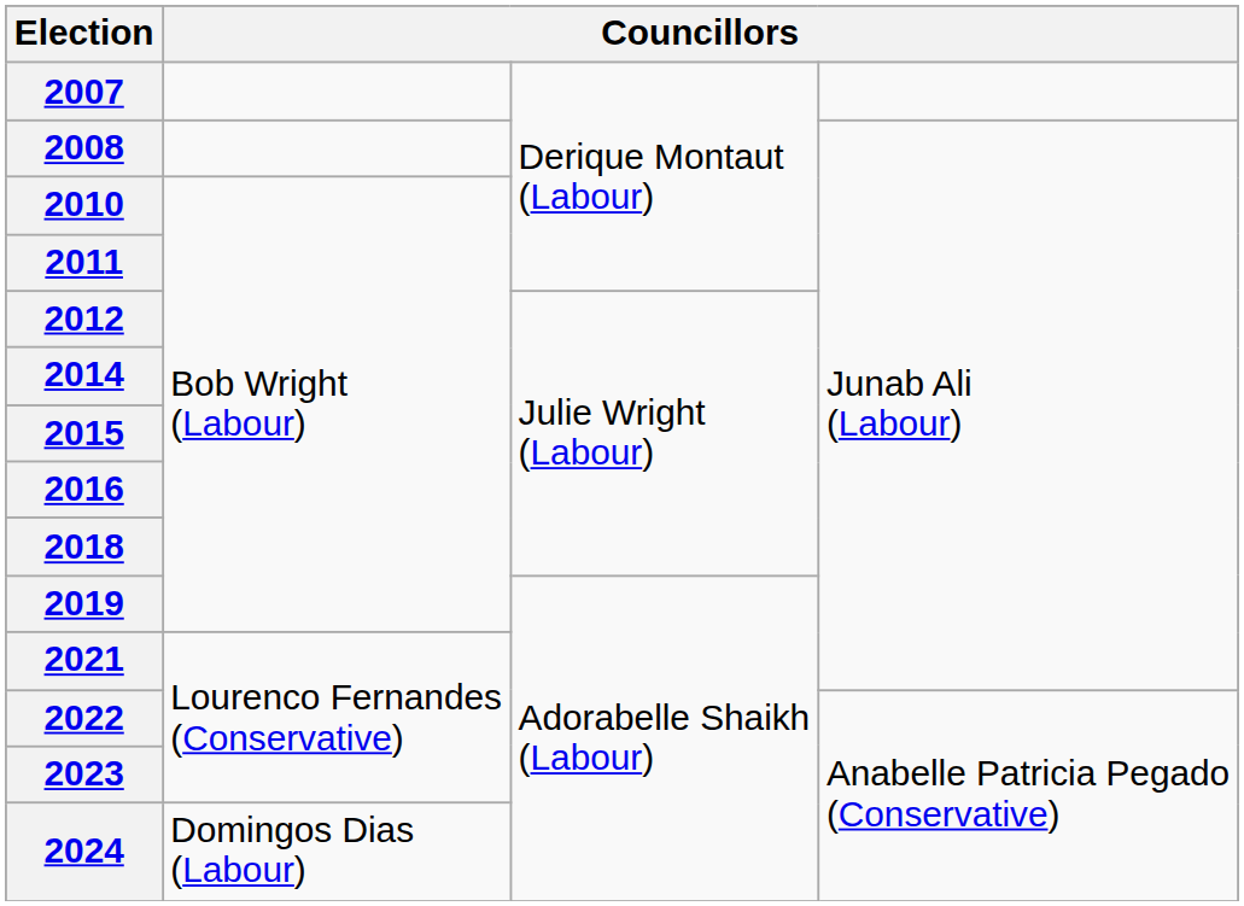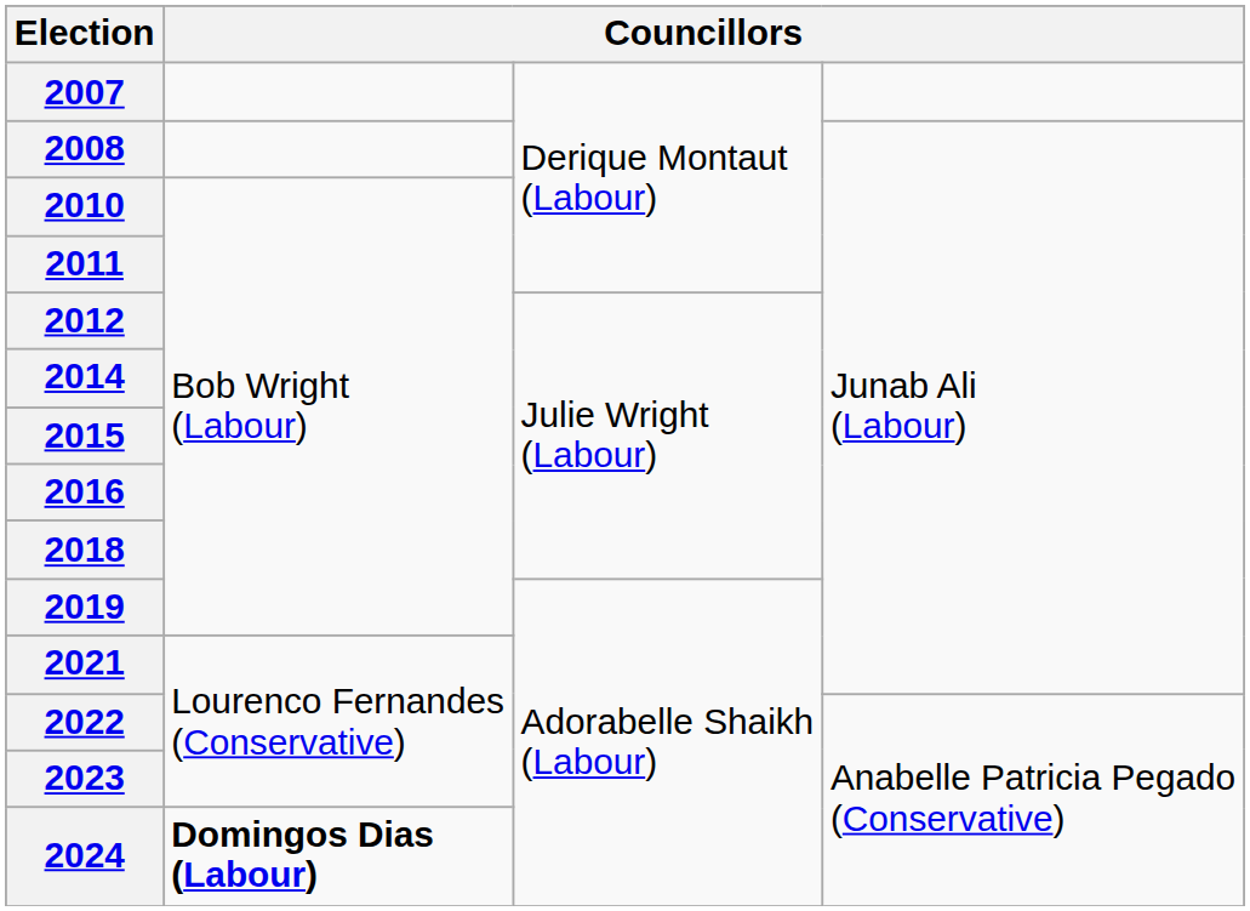 <table class="wikitable">
 <tr>
 <th>Election</th>
 <th colspan="3">Councillors</th>
 </tr>
 <tr>
 <th><a href='#'>2007</a></th>
 <td></td>
 <td rowspan="4">Derique Montaut<br>(<a href='#'>Labour</a>)</td>
 <td></td>
 </tr>
 <tr>
 <th><a href='#'>2008</a></th>
 <td></td>
 <td rowspan="10">Junab Ali<br>(<a href='#'>Labour</a>)</td>
 </tr>
 <tr>
 <th><a href='#'>2010</a></th>
 <td rowspan="8">Bob Wright<br>(<a href='#'>Labour</a>)</td>
 </tr>
 <tr>
 <th><a href='#'>2011</a></th>
 </tr>
 <tr>
 <th><a href='#'>2012</a></th>
 <td rowspan="5">Julie Wright<br>(<a href='#'>Labour</a>)</td>
 </tr>
 <tr>
 <th><a href='#'>2014</a></th>
 </tr>
 <tr>
 <th><a href='#'>2015</a></th>
 </tr>
 <tr>
 <th><a href='#'>2016</a></th>
 </tr>
 <tr>
 <th><a href='#'>2018</a></th>
 </tr>
 <tr>
 <th><a href='#'>2019</a></th>
 <td rowspan="5">Adorabelle Shaikh<br>(<a href='#'>Labour</a>)</td>
 </tr>
 <tr>
 <th><a href='#'>2021</a></th>
 <td rowspan="3">Lourenco Fernandes<br>(<a href='#'>Conservative</a>)</td>
 </tr>
 <tr>
 <th><a href='#'>2022</a></th>
 <td rowspan="3">Anabelle Patricia Pegado<br>(<a href='#'>Conservative</a>)</td>
 </tr>
 <tr>
 <th><a href='#'>2023</a></th>
 </tr>
 <tr>
 <th><a href='#'>2024</a></th>
-<td>Domingos Dias<br>(<a href='#'>Labour</a>)</td>
+<td><strong>Domingos Dias<br>(<a href='#'>Labour</a>)</strong></td>
 </tr>
 </table>
